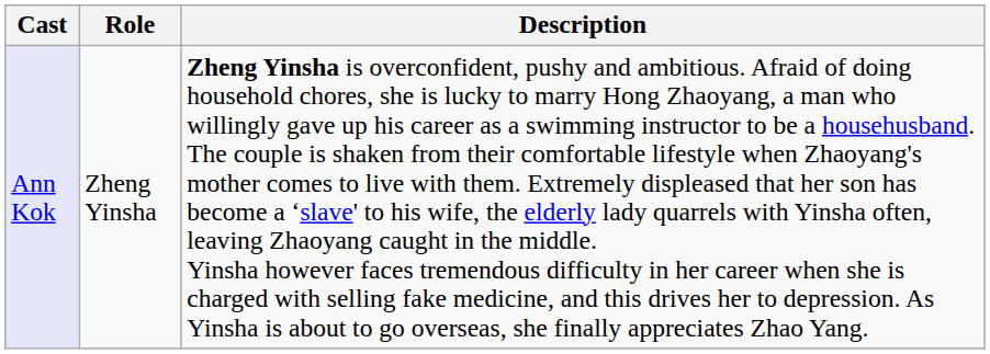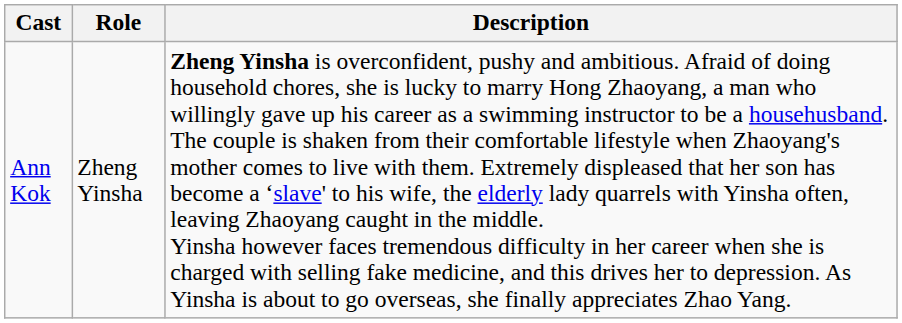 <table class="wikitable">
 <tr>
 <th>Cast</th>
 <th>Role</th>
 <th>Description</th>
 </tr>
 <tr>
-<td style="background: lavender;"><a href='#'>Ann Kok</a></td>
+<td><a href='#'>Ann Kok</a></td>
 <td>Zheng Yinsha</td>
 <td><strong>Zheng Yinsha</strong> is overconfident, pushy and ambitious. Afraid of doing household chores, she is lucky to marry Hong Zhaoyang, a man who willingly gave up his career as a swimming instructor to be a <a href='#'>househusband</a>.<br>The couple is shaken from their comfortable lifestyle when Zhaoyang's mother comes to live with them. Extremely displeased that her son has become a ‘<a href='#'>slave</a>' to his wife, the <a href='#'>elderly</a> lady quarrels with Yinsha often, leaving Zhaoyang caught in the middle.<br>Yinsha however faces tremendous difficulty in her career when she is charged with selling fake medicine, and this drives her to depression. As Yinsha is about to go overseas, she finally appreciates Zhao Yang.</td>
 </tr>
 </table>
